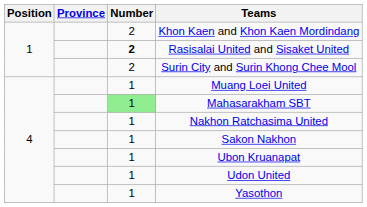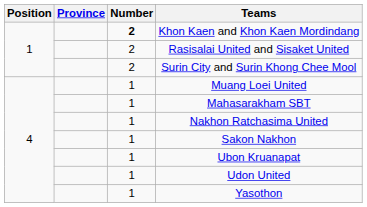 <table class="wikitable">
 <tr>
 <th>Position</th>
 <th><a href='#'>Province</a></th>
 <th>Number</th>
 <th>Teams</th>
 </tr>
 <tr>
 <td align=center rowspan="3">1</td>
 <td></td>
-<td align=center>2</td>
+<td align=center><strong>2</strong></td>
 <td align=center><a href='#'>Khon Kaen</a> and <a href='#'>Khon Kaen Mordindang</a></td>
 </tr>
 <tr>
 <td></td>
-<td align=center><strong>2</strong></td>
+<td align=center>2</td>
 <td align=center><a href='#'>Rasisalai United</a> and <a href='#'>Sisaket United</a></td>
 </tr>
 <tr>
 <td></td>
 <td align=center>2</td>
 <td align=center><a href='#'>Surin City</a> and <a href='#'>Surin Khong Chee Mool</a></td>
 </tr>
 <tr>
 <td align=center rowspan="8">4</td>
 <td></td>
 <td align=center>1</td>
 <td align=center><a href='#'>Muang Loei United</a></td>
 </tr>
 <tr>
 <td></td>
-<td align=center style="background: lightgreen;">1</td>
+<td align=center>1</td>
 <td align=center><a href='#'>Mahasarakham SBT</a></td>
 </tr>
 <tr>
 <td></td>
 <td align=center>1</td>
 <td align=center><a href='#'>Nakhon Ratchasima United</a></td>
 </tr>
 <tr>
 <td></td>
 <td align=center>1</td>
 <td align=center><a href='#'>Sakon Nakhon</a></td>
 </tr>
 <tr>
 <td></td>
 <td align=center>1</td>
 <td align=center><a href='#'>Ubon Kruanapat</a></td>
 </tr>
 <tr>
 <td></td>
 <td align=center>1</td>
 <td align=center><a href='#'>Udon United</a></td>
 </tr>
 <tr>
 <td></td>
 <td align=center>1</td>
 <td align=center><a href='#'>Yasothon</a></td>
 </tr>
 </table>
